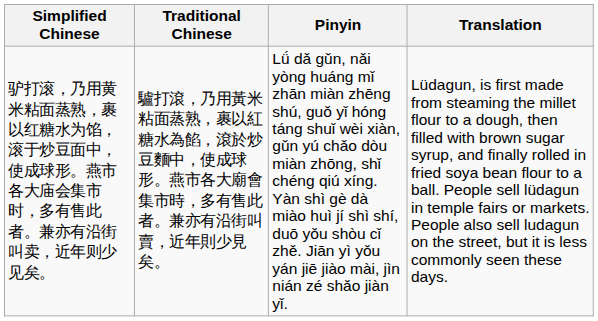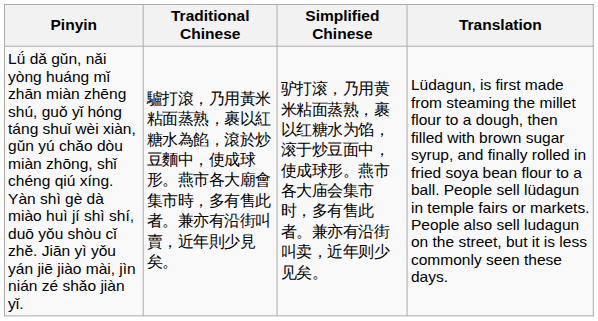 <table class="wikitable">
 <tr>
+<th>Pinyin</th>
+<th>Traditional<br>Chinese</th>
 <th>Simplified<br>Chinese</th>
-<th>Traditional<br>Chinese</th>
-<th>Pinyin</th>
 <th>Translation</th>
 </tr>
 <tr>
+<td>Lǘ dǎ gǔn, nǎi yòng huáng mǐ zhān miàn zhēng shú, guǒ yǐ hóng táng shuǐ wèi xiàn, gǔn yú chǎo dòu miàn zhōng, shǐ chéng qiú xíng. Yàn shì gè dà miào huì jí shì shí, duō yǒu shòu cǐ zhě. Jiān yì yǒu yán jiē jiào mài, jìn nián zé shǎo jiàn yǐ.</td>
+<td>驢打滾，乃用黃米粘面蒸熟，裹以紅糖水為餡，滾於炒豆麵中，使成球形。燕市各大廟會集市時，多有售此者。兼亦有沿街叫賣，近年則少見矣。</td>
 <td>驴打滚，乃用黄米粘面蒸熟，裹以红糖水为馅，滚于炒豆面中，使成球形。燕市各大庙会集市时，多有售此者。兼亦有沿街叫卖，近年则少见矣。</td>
-<td>驢打滾，乃用黃米粘面蒸熟，裹以紅糖水為餡，滾於炒豆麵中，使成球形。燕市各大廟會集市時，多有售此者。兼亦有沿街叫賣，近年則少見矣。</td>
-<td>Lǘ dǎ gǔn, nǎi yòng huáng mǐ zhān miàn zhēng shú, guǒ yǐ hóng táng shuǐ wèi xiàn, gǔn yú chǎo dòu miàn zhōng, shǐ chéng qiú xíng. Yàn shì gè dà miào huì jí shì shí, duō yǒu shòu cǐ zhě. Jiān yì yǒu yán jiē jiào mài, jìn nián zé shǎo jiàn yǐ.</td>
 <td>Lüdagun, is first made from steaming the millet flour to a dough, then filled with brown sugar syrup, and finally rolled in fried soya bean flour to a ball. People sell lüdagun in temple fairs or markets. People also sell ludagun on the street, but it is less commonly seen these days.</td>
 </tr>
 </table>
